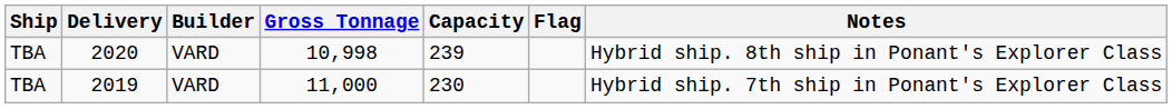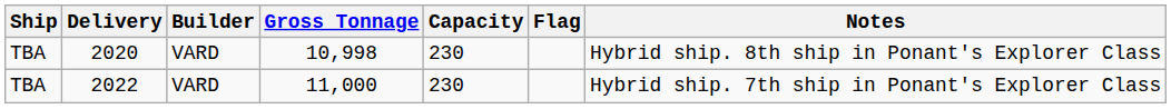 <table class="wikitable sortable">
 <tr>
 <th>Ship</th>
 <th>Delivery</th>
 <th>Builder</th>
 <th><a href='#'>Gross Tonnage</a></th>
 <th>Capacity</th>
 <th>Flag</th>
 <th>Notes</th>
 </tr>
 <tr>
 <td>TBA</td>
 <td style="text-align:Center;">2020</td>
 <td align="Left">VARD</td>
 <td style="text-align:Center;">10,998</td>
-<td>239</td>
+<td>230</td>
 <td align="Center"></td>
 <td style="text-align:Center;">Hybrid ship. 8th ship in Ponant's Explorer Class</td>
 </tr>
 <tr>
 <td>TBA</td>
-<td style="text-align:Center;">2019</td>
+<td style="text-align:Center;">2022</td>
 <td align="Left">VARD</td>
 <td style="text-align:Center;">11,000</td>
 <td>230</td>
 <td align="Center"></td>
 <td style="text-align:Center;">Hybrid ship. 7th ship in Ponant's Explorer Class</td>
 </tr>
 </table>
